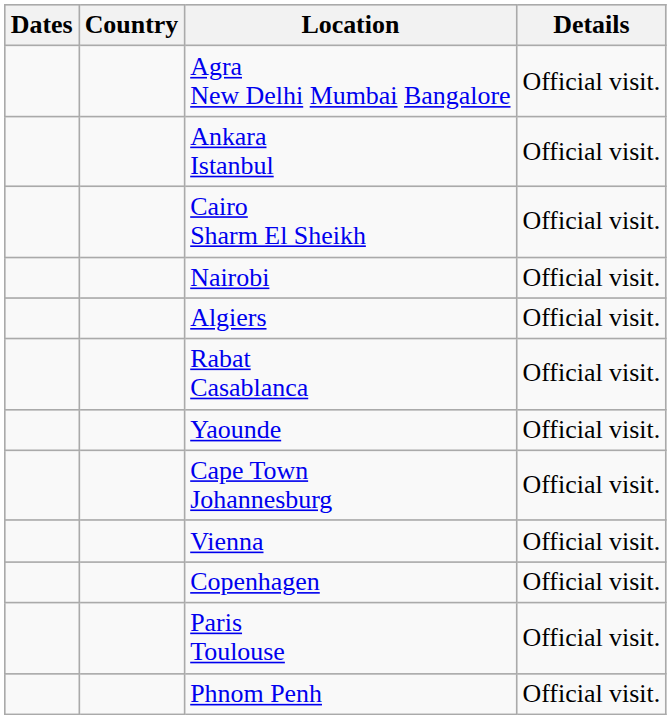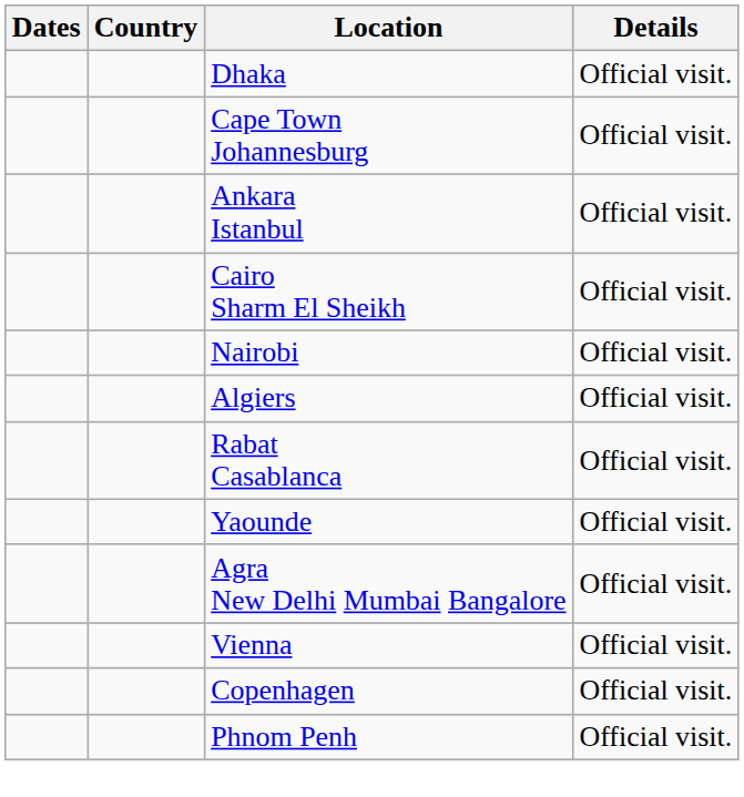 <table class="wikitable sortable mw-collapsible">
 <tr>
 <th scope=col>Dates</th>
 <th scope=col>Country</th>
 <th scope=col>Location</th>
 <th scope=col>Details</th>
 </tr>
 <tr>
 <td></td>
 <td></td>
-<td><a href='#'>Agra</a><br><a href='#'>New Delhi</a> <a href='#'>Mumbai</a> <a href='#'>Bangalore</a></td>
+<td><a href='#'>Dhaka</a></td>
+<td>Official visit.</td>
+</tr>
+<tr>
+<td></td>
+<td></td>
+<td><a href='#'>Cape Town</a><br><a href='#'>Johannesburg</a></td>
 <td>Official visit.</td>
 </tr>
 <tr>
 <td></td>
 <td></td>
 <td><a href='#'>Ankara</a><br><a href='#'>Istanbul</a></td>
 <td>Official visit.</td>
 </tr>
 <tr>
 <td></td>
 <td></td>
 <td><a href='#'>Cairo</a><br><a href='#'>Sharm El Sheikh</a></td>
 <td>Official visit.</td>
 </tr>
 <tr>
 <td></td>
 <td></td>
 <td><a href='#'>Nairobi</a></td>
 <td>Official visit.</td>
 </tr>
 <tr>
 <td></td>
 <td></td>
 <td><a href='#'>Algiers</a></td>
 <td>Official visit.</td>
 </tr>
 <tr>
 <td></td>
 <td></td>
 <td><a href='#'>Rabat</a><br><a href='#'>Casablanca</a></td>
 <td>Official visit.</td>
 </tr>
 <tr>
 <td></td>
 <td></td>
 <td><a href='#'>Yaounde</a></td>
 <td>Official visit.</td>
 </tr>
 <tr>
 <td></td>
 <td></td>
-<td><a href='#'>Cape Town</a><br><a href='#'>Johannesburg</a></td>
+<td><a href='#'>Agra</a><br><a href='#'>New Delhi</a> <a href='#'>Mumbai</a> <a href='#'>Bangalore</a></td>
 <td>Official visit.</td>
 </tr>
 <tr>
 <td></td>
 <td></td>
 <td><a href='#'>Vienna</a></td>
 <td>Official visit.</td>
 </tr>
 <tr>
 <td></td>
 <td></td>
 <td><a href='#'>Copenhagen</a></td>
 <td>Official visit.</td>
 </tr>
 <tr>
 <td></td>
 <td></td>
-<td><a href='#'>Paris</a><br><a href='#'>Toulouse</a></td>
-<td>Official visit.</td>
-</tr>
-<tr>
-<td></td>
-<td></td>
 <td><a href='#'>Phnom Penh</a></td>
 <td>Official visit.</td>
 </tr>
 </table>
